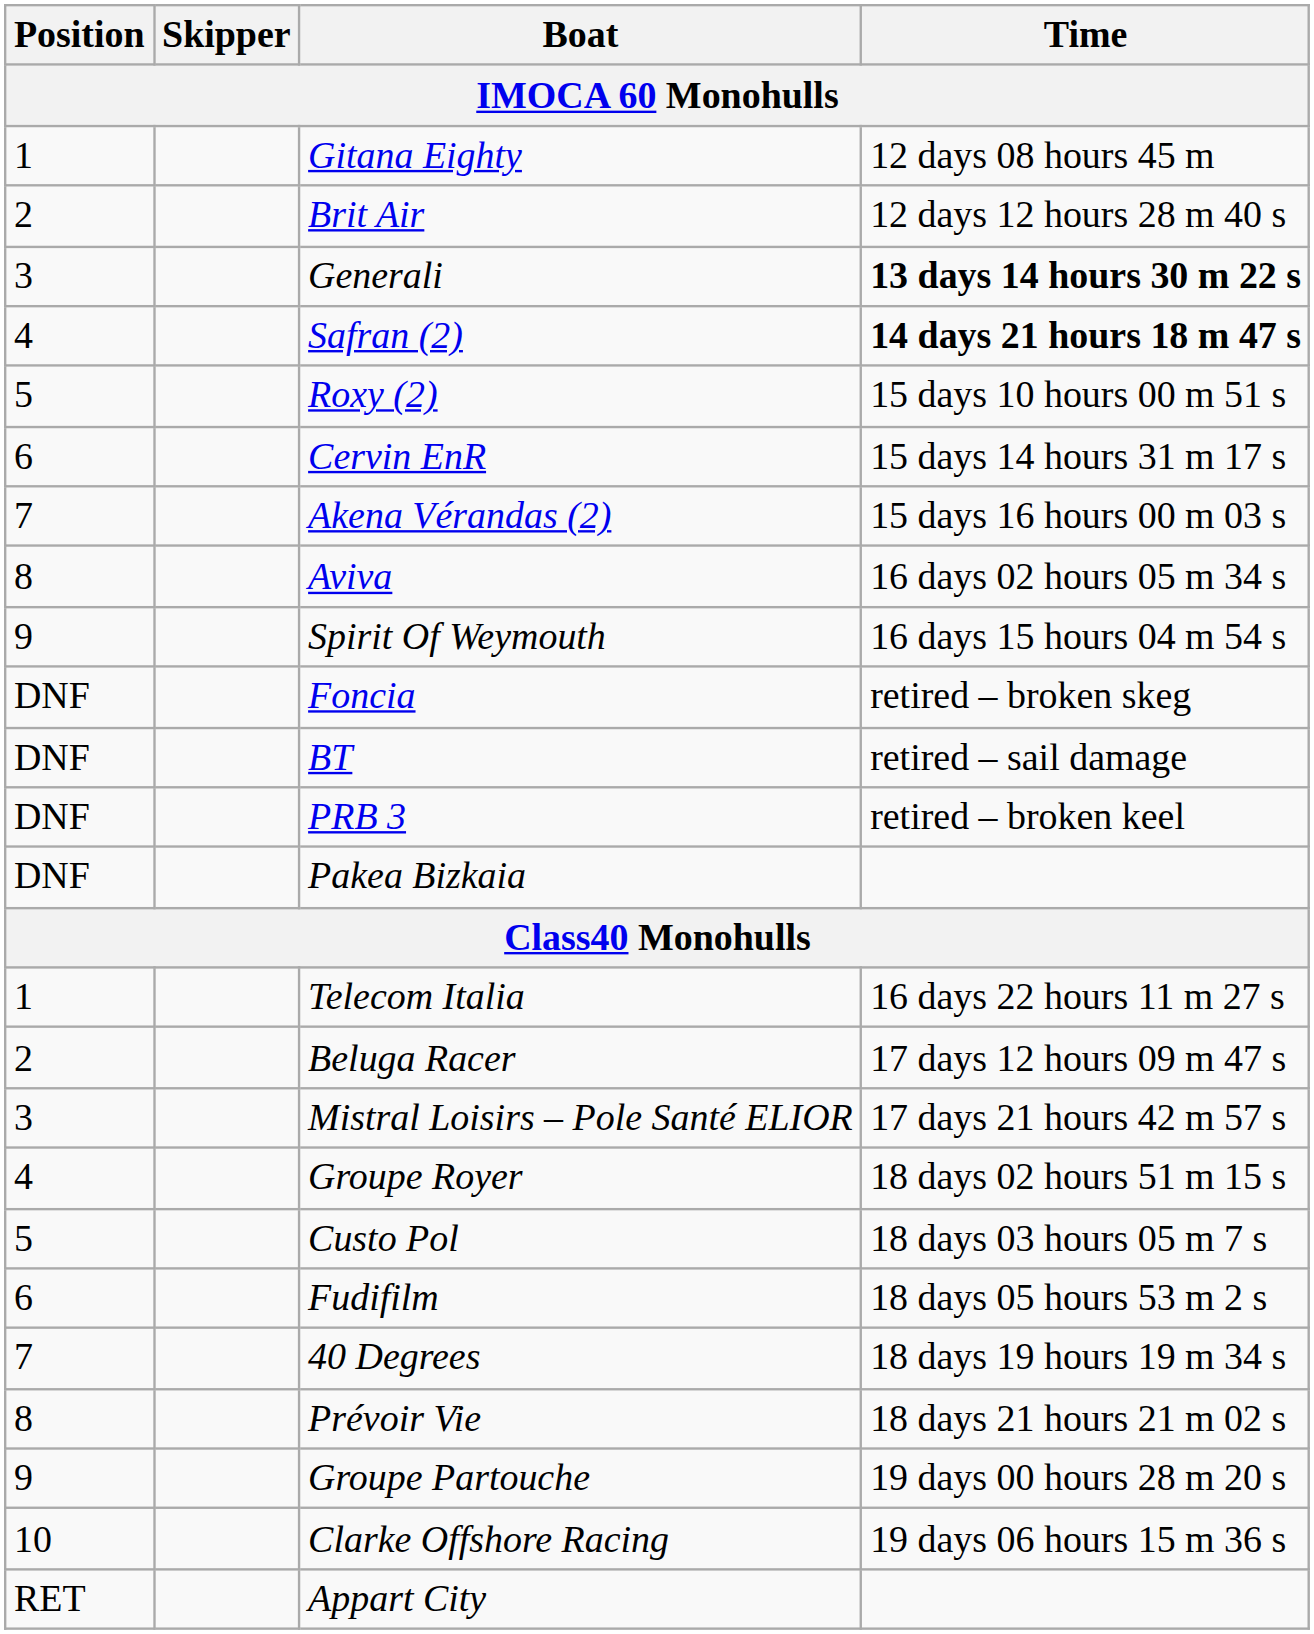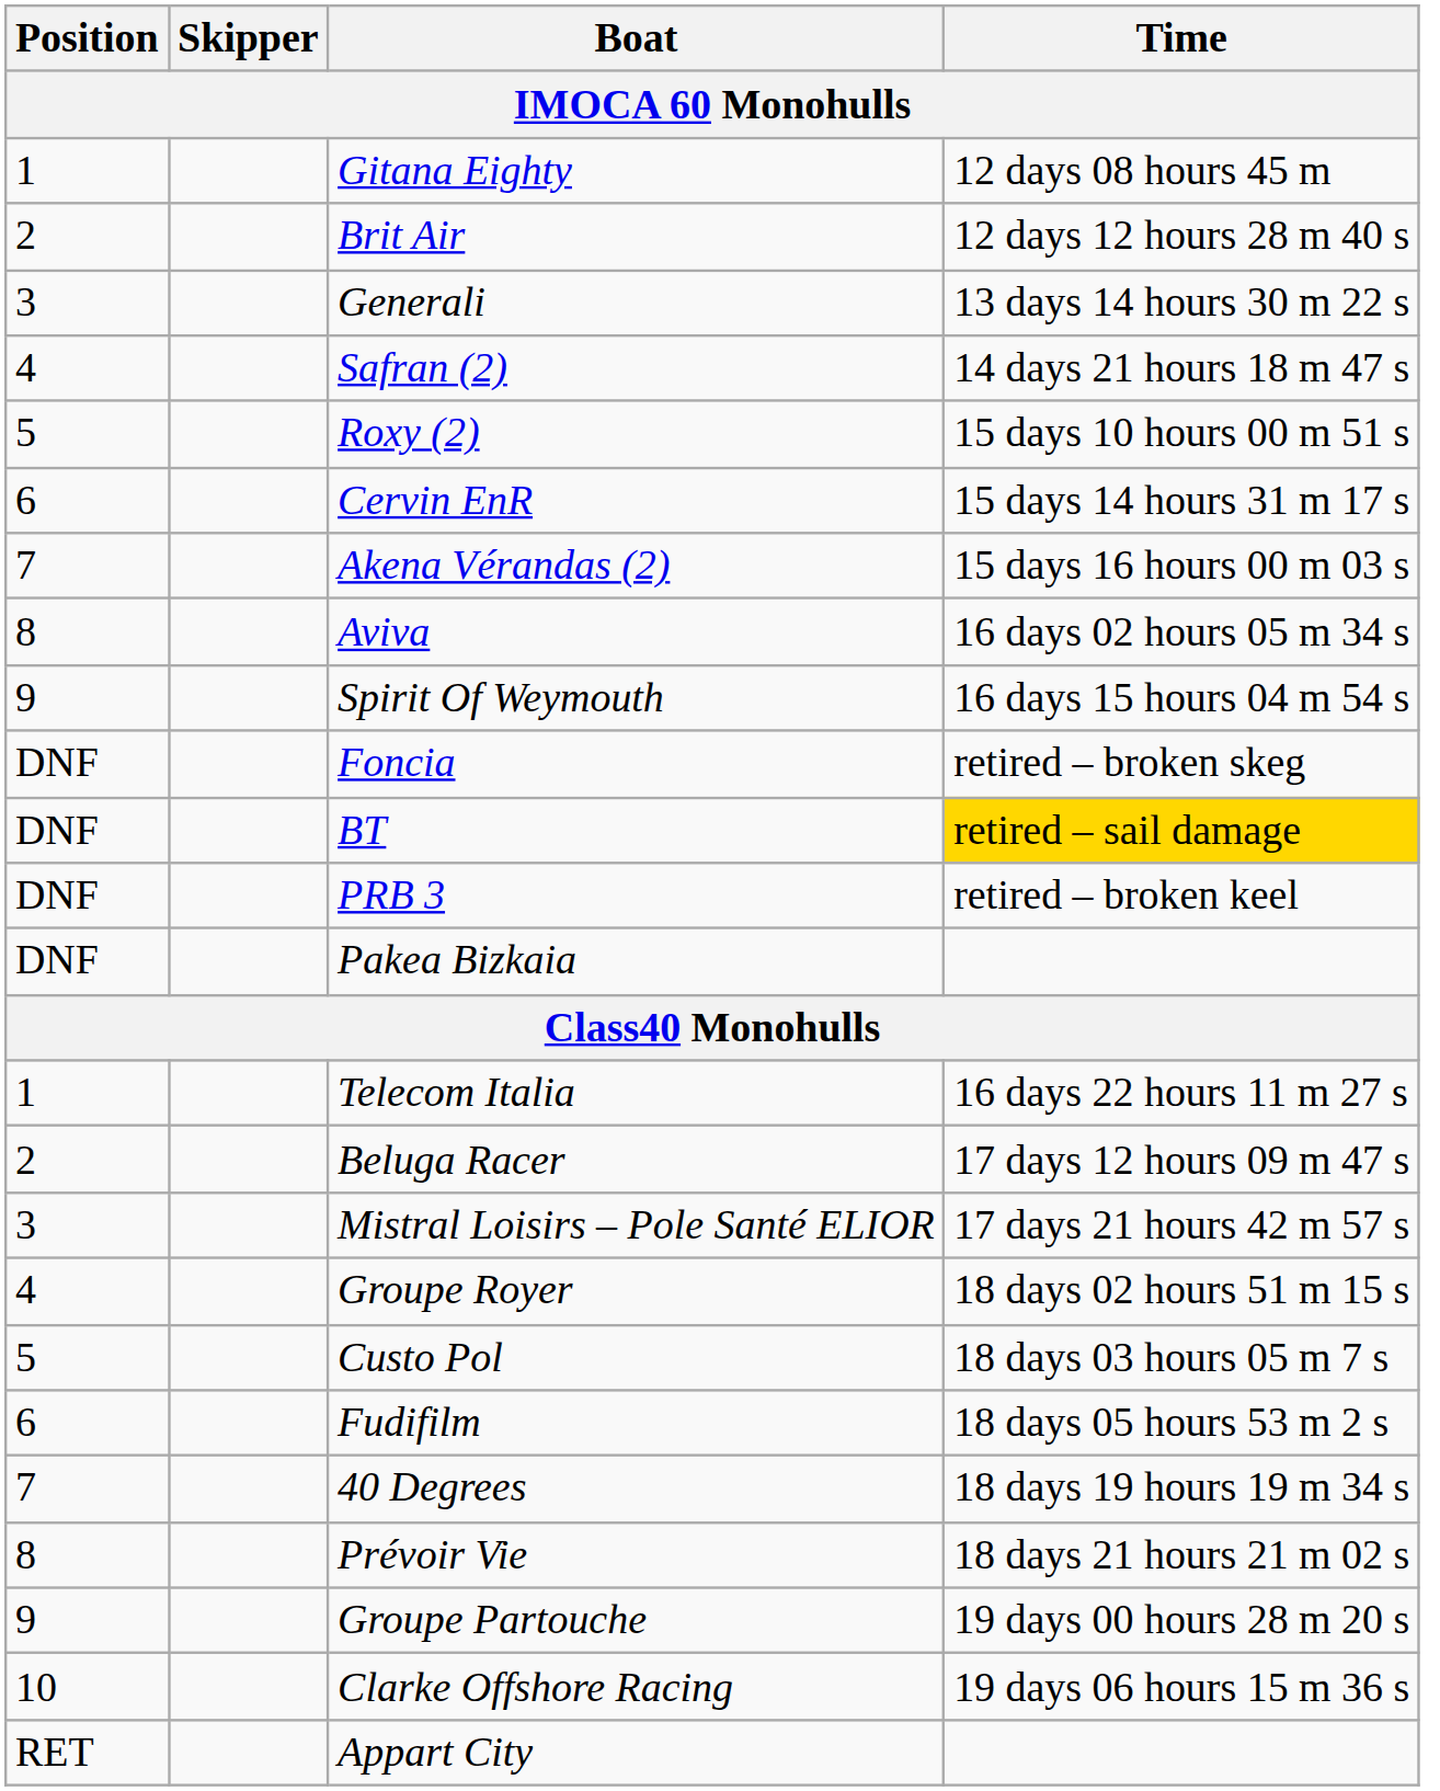 <table class="wikitable sortable">
 <tr>
 <th>Position</th>
 <th>Skipper</th>
 <th>Boat</th>
 <th>Time</th>
 </tr>
 <tr>
 <th colspan="4"><strong><a href='#'>IMOCA 60</a> Monohulls</strong></th>
 </tr>
 <tr>
 <td>1</td>
 <td></td>
 <td><em><a href='#'>Gitana Eighty</a></em></td>
 <td>12 days 08 hours 45 m</td>
 </tr>
 <tr>
 <td>2</td>
 <td></td>
 <td><em><a href='#'>Brit Air</a></em></td>
 <td>12 days 12 hours 28 m 40 s</td>
 </tr>
 <tr>
 <td>3</td>
 <td></td>
 <td><em>Generali</em></td>
-<td><strong>13 days 14 hours 30 m 22 s</strong></td>
+<td>13 days 14 hours 30 m 22 s</td>
 </tr>
 <tr>
 <td>4</td>
 <td></td>
 <td><em><a href='#'>Safran (2)</a></em></td>
-<td><strong>14 days 21 hours 18 m 47 s</strong></td>
+<td>14 days 21 hours 18 m 47 s</td>
 </tr>
 <tr>
 <td>5</td>
 <td></td>
 <td><em><a href='#'>Roxy (2)</a></em></td>
 <td>15 days 10 hours 00 m 51 s</td>
 </tr>
 <tr>
 <td>6</td>
 <td></td>
 <td><em><a href='#'>Cervin EnR</a></em></td>
 <td>15 days 14 hours 31 m 17 s</td>
 </tr>
 <tr>
 <td>7</td>
 <td></td>
 <td><em><a href='#'>Akena Vérandas (2)</a></em></td>
 <td>15 days 16 hours 00 m 03 s</td>
 </tr>
 <tr>
 <td>8</td>
 <td></td>
 <td><em><a href='#'>Aviva</a></em></td>
 <td>16 days 02 hours 05 m 34 s</td>
 </tr>
 <tr>
 <td>9</td>
 <td></td>
 <td><em>Spirit Of Weymouth</em></td>
 <td>16 days 15 hours 04 m 54 s</td>
 </tr>
 <tr>
 <td>DNF</td>
 <td></td>
 <td><em><a href='#'>Foncia</a></em></td>
 <td>retired – broken skeg</td>
 </tr>
 <tr>
 <td>DNF</td>
 <td></td>
 <td><em><a href='#'>BT</a></em></td>
-<td>retired – sail damage</td>
+<td style="background: gold;">retired – sail damage</td>
 </tr>
 <tr>
 <td>DNF</td>
 <td></td>
 <td><em><a href='#'>PRB 3</a></em></td>
 <td>retired – broken keel</td>
 </tr>
 <tr>
 <td>DNF</td>
 <td></td>
 <td><em>Pakea Bizkaia</em></td>
 <td></td>
 </tr>
 <tr>
 <th colspan="4"><strong><a href='#'>Class40</a> Monohulls</strong></th>
 </tr>
 <tr>
 <td>1</td>
 <td></td>
 <td><em>Telecom Italia</em></td>
 <td>16 days 22 hours 11 m 27 s</td>
 </tr>
 <tr>
 <td>2</td>
 <td></td>
 <td><em>Beluga Racer</em></td>
 <td>17 days 12 hours 09 m 47 s</td>
 </tr>
 <tr>
 <td>3</td>
 <td></td>
 <td><em>Mistral Loisirs – Pole Santé ELIOR</em></td>
 <td>17 days 21 hours 42 m 57 s</td>
 </tr>
 <tr>
 <td>4</td>
 <td></td>
 <td><em>Groupe Royer</em></td>
 <td>18 days 02 hours 51 m 15 s</td>
 </tr>
 <tr>
 <td>5</td>
 <td></td>
 <td><em>Custo Pol</em></td>
 <td>18 days 03 hours 05 m 7 s</td>
 </tr>
 <tr>
 <td>6</td>
 <td></td>
 <td><em>Fudifilm</em></td>
 <td>18 days 05 hours 53 m 2 s</td>
 </tr>
 <tr>
 <td>7</td>
 <td></td>
 <td><em>40 Degrees</em></td>
 <td>18 days 19 hours 19 m 34 s</td>
 </tr>
 <tr>
 <td>8</td>
 <td></td>
 <td><em>Prévoir Vie</em></td>
 <td>18 days 21 hours 21 m 02 s</td>
 </tr>
 <tr>
 <td>9</td>
 <td></td>
 <td><em>Groupe Partouche</em></td>
 <td>19 days 00 hours 28 m 20 s</td>
 </tr>
 <tr>
 <td>10</td>
 <td></td>
 <td><em>Clarke Offshore Racing</em></td>
 <td>19 days 06 hours 15 m 36 s</td>
 </tr>
 <tr>
 <td>RET</td>
 <td></td>
 <td><em>Appart City</em></td>
 <td></td>
 </tr>
 </table>
